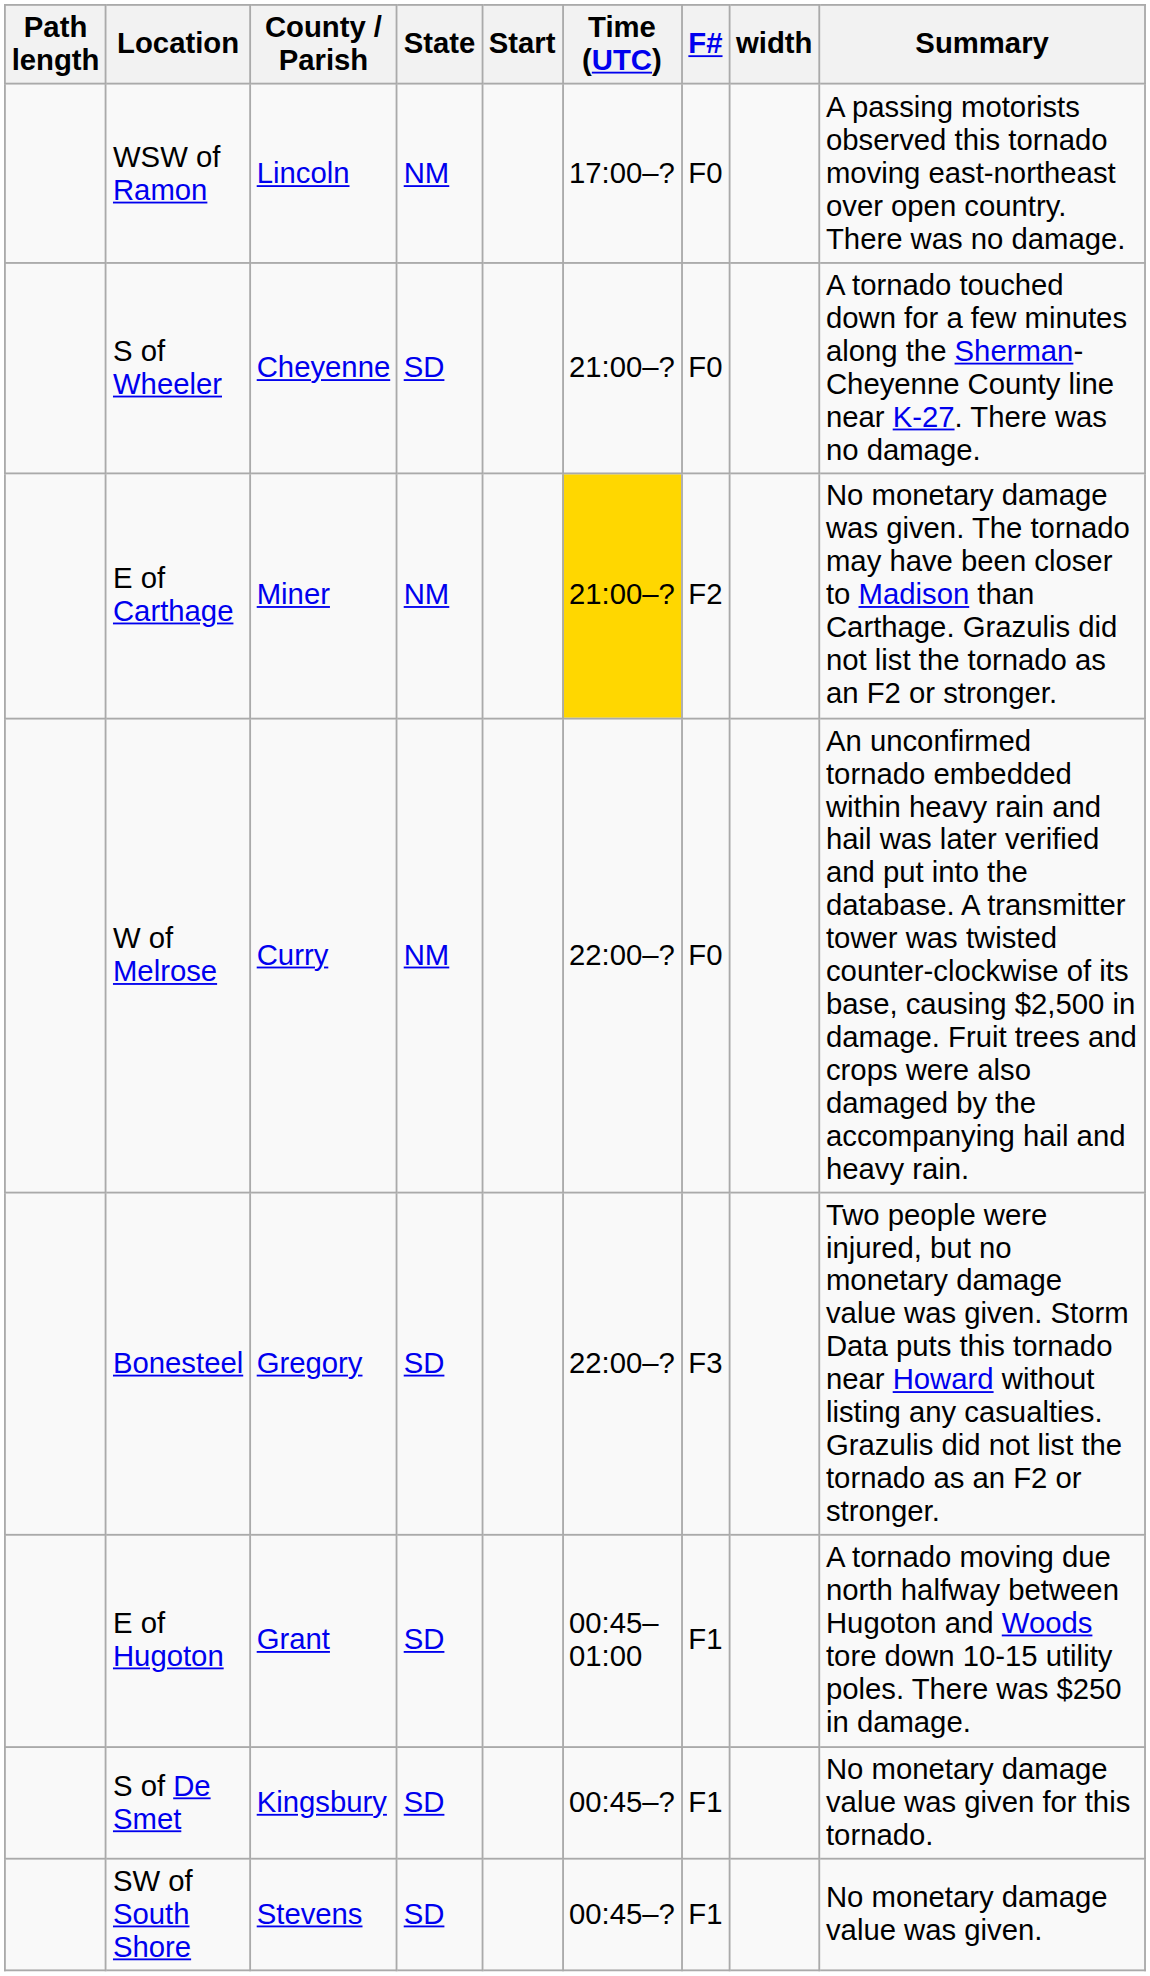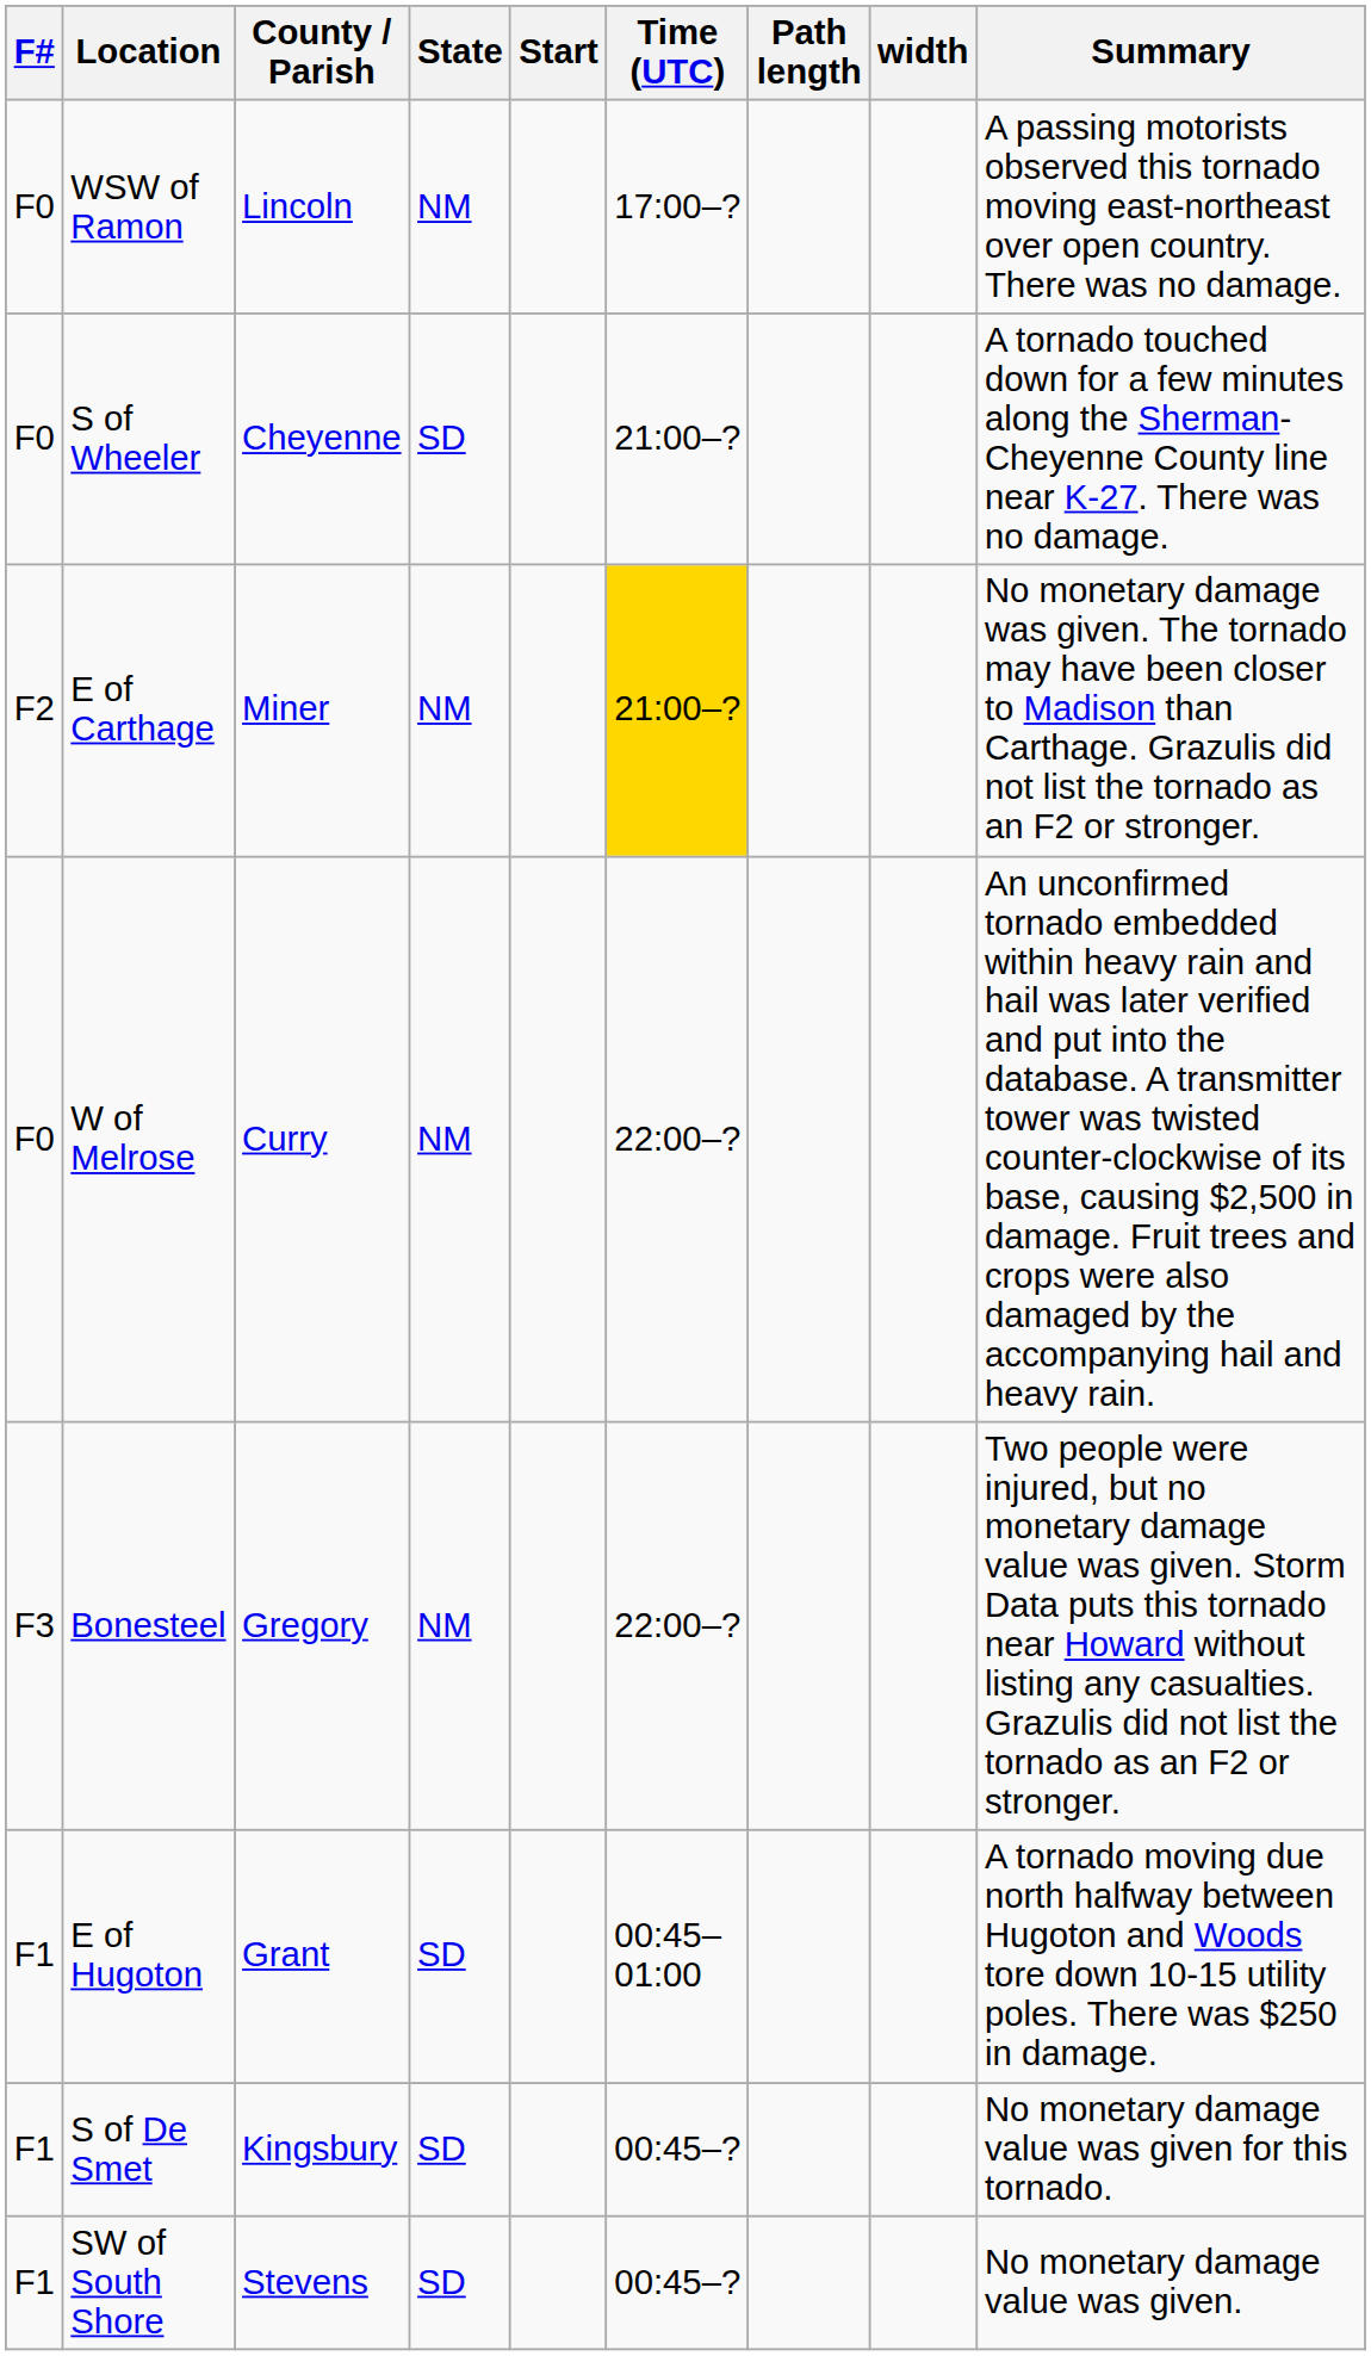 <table class="wikitable sortable" style="width:100%;">
 <tr>
-<th scope="col"  style="width:6%; text-align:center;">Path length</th>
+<th scope="col"  style="width:3%; text-align:center;"><a href='#'>F#</a></th>
 <th scope="col"  style="width:7%; text-align:center;" class="unsortable">Location</th>
 <th scope="col"  style="width:6%; text-align:center;" class="unsortable">County / Parish</th>
 <th scope="col"  style="width:5%; text-align:center;">State</th>
 <th scope="col"  style="width:6%; text-align:center;">Start<br></th>
 <th scope="col"  style="width:6%; text-align:center;">Time (<a href='#'>UTC</a>)</th>
-<th scope="col"  style="width:3%; text-align:center;"><a href='#'>F#</a></th>
+<th scope="col"  style="width:6%; text-align:center;">Path length</th>
 <th scope="col"  style="width:6%; text-align:center;"> width</th>
 <th scope="col" class="unsortable" style="width:48%; text-align:center;">Summary</th>
 </tr>
 <tr>
-<td></td>
+<td>F0</td>
 <td>WSW of <a href='#'>Ramon</a></td>
 <td><a href='#'>Lincoln</a></td>
 <td><a href='#'>NM</a></td>
 <td></td>
 <td>17:00–?</td>
-<td>F0</td>
+<td></td>
 <td></td>
 <td>A passing motorists observed this tornado moving east-northeast over open country. There was no damage.</td>
 </tr>
 <tr>
-<td></td>
+<td>F0</td>
 <td>S of <a href='#'>Wheeler</a></td>
 <td><a href='#'>Cheyenne</a></td>
 <td><a href='#'>SD</a></td>
 <td></td>
 <td>21:00–?</td>
-<td>F0</td>
+<td></td>
 <td></td>
 <td>A tornado touched down for a few minutes along the <a href='#'>Sherman</a>-Cheyenne County line near <a href='#'>K-27</a>. There was no damage.</td>
 </tr>
 <tr>
-<td></td>
+<td>F2</td>
 <td>E of <a href='#'>Carthage</a></td>
 <td><a href='#'>Miner</a></td>
 <td><a href='#'>NM</a></td>
 <td></td>
 <td style="background: gold;">21:00–?</td>
-<td>F2</td>
+<td></td>
 <td></td>
 <td>No monetary damage was given. The tornado may have been closer to <a href='#'>Madison</a> than Carthage. Grazulis did not list the tornado as an F2 or stronger.</td>
 </tr>
 <tr>
-<td></td>
+<td>F0</td>
 <td>W of <a href='#'>Melrose</a></td>
 <td><a href='#'>Curry</a></td>
 <td><a href='#'>NM</a></td>
 <td></td>
 <td>22:00–?</td>
-<td>F0</td>
+<td></td>
 <td></td>
 <td>An unconfirmed tornado embedded within heavy rain and hail was later verified and put into the database. A  transmitter tower was twisted counter-clockwise of its base, causing $2,500 in damage. Fruit trees and crops were also damaged by the accompanying hail and heavy rain.</td>
 </tr>
 <tr>
-<td></td>
+<td>F3</td>
 <td><a href='#'>Bonesteel</a></td>
 <td><a href='#'>Gregory</a></td>
-<td><a href='#'>SD</a></td>
+<td><a href='#'>NM</a></td>
 <td></td>
 <td>22:00–?</td>
-<td>F3</td>
+<td></td>
 <td></td>
 <td>Two people were injured, but no monetary damage value was given. Storm Data puts this tornado near <a href='#'>Howard</a> without listing any casualties. Grazulis did not list the tornado as an F2 or stronger.</td>
 </tr>
 <tr>
-<td></td>
+<td>F1</td>
 <td>E of <a href='#'>Hugoton</a></td>
 <td><a href='#'>Grant</a></td>
 <td><a href='#'>SD</a></td>
 <td></td>
 <td>00:45–01:00</td>
-<td>F1</td>
+<td></td>
 <td></td>
 <td>A tornado moving due north halfway between Hugoton and <a href='#'>Woods</a> tore down 10-15 utility poles. There was $250 in damage.</td>
 </tr>
 <tr>
-<td></td>
+<td>F1</td>
 <td>S of <a href='#'>De Smet</a></td>
 <td><a href='#'>Kingsbury</a></td>
 <td><a href='#'>SD</a></td>
 <td></td>
 <td>00:45–?</td>
-<td>F1</td>
+<td></td>
 <td></td>
 <td>No monetary damage value was given for this tornado.</td>
 </tr>
 <tr>
-<td></td>
+<td>F1</td>
 <td>SW of <a href='#'>South Shore</a></td>
 <td><a href='#'>Stevens</a></td>
 <td><a href='#'>SD</a></td>
 <td></td>
 <td>00:45–?</td>
-<td>F1</td>
+<td></td>
 <td></td>
 <td>No monetary damage value was given.</td>
 </tr>
 </table>
